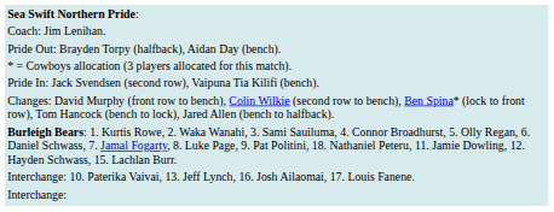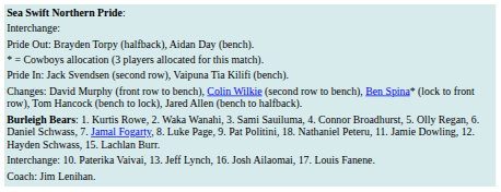 <table style="background:#d7ebed; font-size:85%; width:100%;">
 <tr>
 <td><strong>Sea Swift Northern Pride</strong>:             </td>
 </tr>
 <tr>
-<td>Coach: Jim Lenihan.</td>
+<td>Interchange:    </td>
 </tr>
 <tr>
 <td>Pride Out: Brayden Torpy (halfback), Aidan Day (bench).</td>
 </tr>
 <tr>
 <td>* = Cowboys allocation (3 players allocated for this match).</td>
 </tr>
 <tr>
 <td>Pride In: Jack Svendsen (second row), Vaipuna Tia Kilifi (bench).</td>
 </tr>
 <tr>
 <td>Changes: David Murphy (front row to bench), <a href='#'>Colin Wilkie</a> (second row to bench), <a href='#'>Ben Spina</a>* (lock to front row), Tom Hancock (bench to lock), Jared Allen (bench to halfback).</td>
 </tr>
 <tr>
 <td><strong>Burleigh Bears</strong>: 1. Kurtis Rowe, 2. Waka Wanahi, 3. Sami Sauiluma, 4. Connor Broadhurst, 5. Olly Regan, 6. Daniel Schwass, 7. <a href='#'>Jamal Fogarty</a>, 8. Luke Page, 9. Pat Politini, 18. Nathaniel Peteru, 11. Jamie Dowling, 12. Hayden Schwass, 15. Lachlan Burr.</td>
 </tr>
 <tr>
 <td>Interchange: 10. Paterika Vaivai, 13. Jeff Lynch, 16. Josh Ailaomai, 17. Louis Fanene.</td>
 </tr>
 <tr>
-<td>Interchange:    </td>
+<td>Coach: Jim Lenihan.</td>
 </tr>
 <tr>
 </tr>
 </table>
